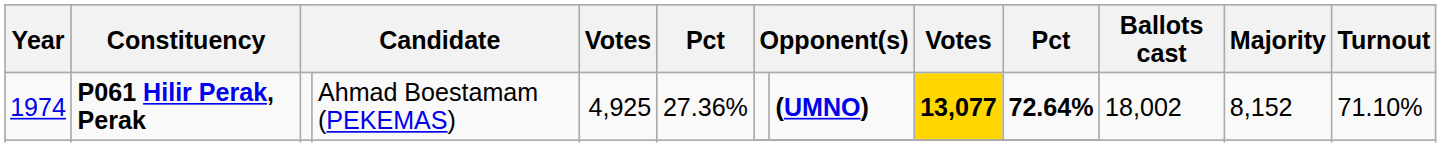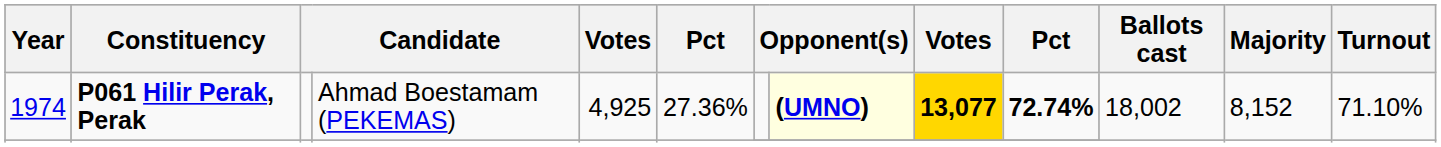 <table class="wikitable" style="margin:0.5em ; font-size:95%">
 <tr>
 <th>Year</th>
 <th>Constituency</th>
 <th colspan=2>Candidate</th>
 <th>Votes</th>
 <th>Pct</th>
 <th colspan=2>Opponent(s)</th>
 <th>Votes</th>
 <th>Pct</th>
 <th>Ballots cast</th>
 <th>Majority</th>
 <th>Turnout</th>
 </tr>
 <tr>
 <td rowspan=2><a href='#'>1974</a></td>
 <td rowspan=2><strong>P061 <a href='#'>Hilir Perak</a>, Perak</strong></td>
 <td rowspan=2 ></td>
 <td rowspan=2>Ahmad Boestamam (<a href='#'>PEKEMAS</a>)</td>
 <td rowspan=2 align=right>4,925</td>
 <td rowspan=2>27.36%</td>
 <td></td>
-<td><strong> (<a href='#'>UMNO</a>)</strong></td>
+<td style="background: lightyellow;"><strong> (<a href='#'>UMNO</a>)</strong></td>
 <td align=right style="background: gold;"><strong>13,077</strong></td>
-<td><strong>72.64%</strong></td>
+<td><strong>72.74%</strong></td>
 <td rowspan=2>18,002</td>
 <td rowspan=2>8,152</td>
 <td rowspan=2>71.10%</td>
 </tr>
 <tr>
 </tr>
 </table>
